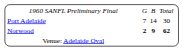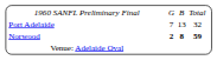 <table style="margin-right:4px; margin-top:8px; float:right; border:1px #000 solid; border-radius:8px; background:#fff; font-family:Verdana; font-size:8pt; text-align:center;">
 <tr>
 <td width=200><em>1960 SANFL Preliminary Final</em></td>
 <td><em>G</em></td>
 <td><em>B</em></td>
 <td><em>Total</em></td>
 </tr>
 <tr>
 <td style="text-align:left"><a href='#'>Port Adelaide</a></td>
 <td>7</td>
-<td>14</td>
-<td>30</td>
+<td>13</td>
+<td>32</td>
 </tr>
 <tr>
 <td style="text-align:left"><a href='#'>Norwood</a></td>
 <td><strong>2</strong></td>
-<td><strong>9</strong></td>
-<td><strong>62</strong></td>
+<td><strong>8</strong></td>
+<td><strong>59</strong></td>
 </tr>
 <tr>
 <td>Venue: <a href='#'>Adelaide Oval</a></td>
 <td colspan=3></td>
 <td colspan=3></td>
 </tr>
 </table>
